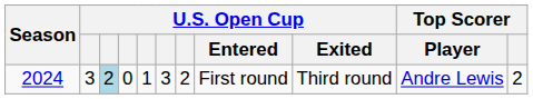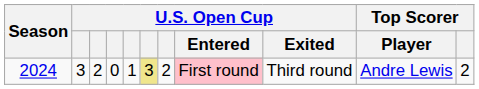 <table class="wikitable" style="text-align: center">
 <tr>
 <th rowspan="2" scope="col">Season</th>
 <th colspan="8" class="unsortable"><a href='#'>U.S. Open Cup</a></th>
 <th colspan="2">Top Scorer</th>
 </tr>
 <tr>
 <th></th>
 <th></th>
 <th></th>
 <th></th>
 <th></th>
 <th></th>
 <th>Entered</th>
 <th>Exited</th>
 <th>Player</th>
 <th></th>
 </tr>
 <tr>
 <td><a href='#'>2024</a></td>
 <td>3</td>
-<td style="background: lightblue;">2</td>
+<td>2</td>
 <td>0</td>
 <td>1</td>
-<td>3</td>
+<td style="background: khaki;">3</td>
 <td>2</td>
-<td>First round</td>
+<td style="background: pink;">First round</td>
 <td>Third round</td>
 <td> <a href='#'>Andre Lewis</a></td>
 <td>2</td>
 </tr>
 </table>
